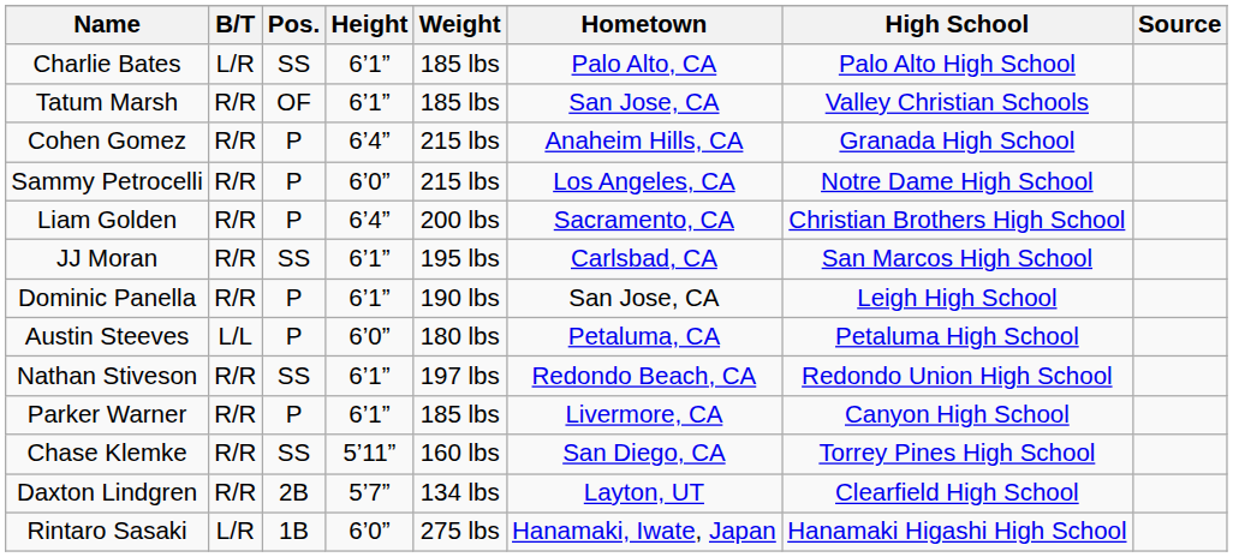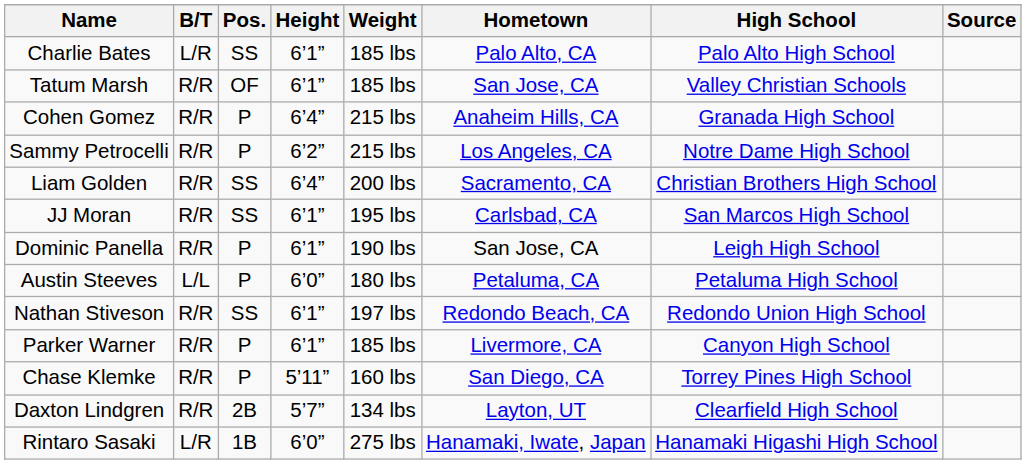 <table class="wikitable sortable collapsible">
 <tr>
 </tr>
 <tr>
 <th>Name</th>
 <th>B/T</th>
 <th>Pos.</th>
 <th>Height</th>
 <th>Weight</th>
 <th>Hometown</th>
 <th>High School</th>
 <th>Source</th>
 </tr>
 <tr align="center">
 <td>Charlie Bates</td>
 <td>L/R</td>
 <td>SS</td>
 <td>6’1”</td>
 <td>185 lbs</td>
 <td><a href='#'>Palo Alto, CA</a></td>
 <td><a href='#'>Palo Alto High School</a></td>
 <td></td>
 </tr>
 <tr align="center">
 <td>Tatum Marsh</td>
 <td>R/R</td>
 <td>OF</td>
 <td>6’1”</td>
 <td>185 lbs</td>
 <td><a href='#'>San Jose, CA</a></td>
 <td><a href='#'>Valley Christian Schools</a></td>
 <td></td>
 </tr>
 <tr align="center">
 <td>Cohen Gomez</td>
 <td>R/R</td>
 <td>P</td>
 <td>6’4”</td>
 <td>215 lbs</td>
 <td><a href='#'>Anaheim Hills, CA</a></td>
 <td><a href='#'>Granada High School</a></td>
 <td></td>
 </tr>
 <tr align="center">
 <td>Sammy Petrocelli</td>
 <td>R/R</td>
 <td>P</td>
-<td>6’0”</td>
+<td>6’2”</td>
 <td>215 lbs</td>
 <td><a href='#'>Los Angeles, CA</a></td>
 <td><a href='#'>Notre Dame High School</a></td>
 <td></td>
 </tr>
 <tr align="center">
 <td>Liam Golden</td>
 <td>R/R</td>
-<td>P</td>
+<td>SS</td>
 <td>6’4”</td>
 <td>200 lbs</td>
 <td><a href='#'>Sacramento, CA</a></td>
 <td><a href='#'>Christian Brothers High School</a></td>
 <td></td>
 </tr>
 <tr align="center">
 <td>JJ Moran</td>
 <td>R/R</td>
 <td>SS</td>
 <td>6’1”</td>
 <td>195 lbs</td>
 <td><a href='#'>Carlsbad, CA</a></td>
 <td><a href='#'>San Marcos High School</a></td>
 <td></td>
 </tr>
 <tr align="center">
 <td>Dominic Panella</td>
 <td>R/R</td>
 <td>P</td>
 <td>6’1”</td>
 <td>190 lbs</td>
 <td>San Jose, CA</td>
 <td><a href='#'>Leigh High School</a></td>
 <td></td>
 </tr>
 <tr align="center">
 <td>Austin Steeves</td>
 <td>L/L</td>
 <td>P</td>
 <td>6’0”</td>
 <td>180 lbs</td>
 <td><a href='#'>Petaluma, CA</a></td>
 <td><a href='#'>Petaluma High School</a></td>
 <td></td>
 </tr>
 <tr align="center">
 <td>Nathan Stiveson</td>
 <td>R/R</td>
 <td>SS</td>
 <td>6’1”</td>
 <td>197 lbs</td>
 <td><a href='#'>Redondo Beach, CA</a></td>
 <td><a href='#'>Redondo Union High School</a></td>
 <td></td>
 </tr>
 <tr align="center">
 <td>Parker Warner</td>
 <td>R/R</td>
 <td>P</td>
 <td>6’1”</td>
 <td>185 lbs</td>
 <td><a href='#'>Livermore, CA</a></td>
 <td><a href='#'>Canyon High School</a></td>
 <td></td>
 </tr>
 <tr align="center">
 <td>Chase Klemke</td>
 <td>R/R</td>
-<td>SS</td>
+<td>P</td>
 <td>5’11”</td>
 <td>160 lbs</td>
 <td><a href='#'>San Diego, CA</a></td>
 <td><a href='#'>Torrey Pines High School</a></td>
 <td></td>
 </tr>
 <tr align="center">
 <td>Daxton Lindgren</td>
 <td>R/R</td>
 <td>2B</td>
 <td>5’7”</td>
 <td>134 lbs</td>
 <td><a href='#'>Layton, UT</a></td>
 <td><a href='#'>Clearfield High School</a></td>
 <td></td>
 </tr>
 <tr align="center">
 <td>Rintaro Sasaki</td>
 <td>L/R</td>
 <td>1B</td>
 <td>6’0”</td>
 <td>275 lbs</td>
 <td><a href='#'>Hanamaki, Iwate</a>, <a href='#'>Japan</a></td>
 <td><a href='#'>Hanamaki Higashi High School</a></td>
 <td></td>
 </tr>
 </table>
